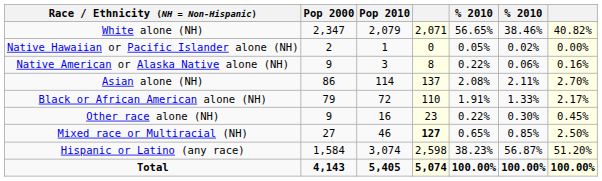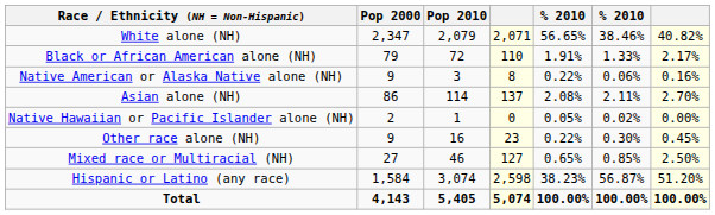 <table class="wikitable" style="text-align:center;">
 <tr>
 <th>Race / Ethnicity <small>(<em>NH = Non-Hispanic</em>)</small></th>
 <th>Pop 2000</th>
 <th>Pop 2010</th>
 <th></th>
 <th>% 2010</th>
 <th>% 2010</th>
 <th></th>
 </tr>
 <tr>
 <td><a href='#'>White</a> alone (NH)</td>
 <td>2,347</td>
 <td>2,079</td>
 <td style='background: #ffffe6;'>2,071</td>
 <td>56.65%</td>
 <td>38.46%</td>
 <td style='background: #ffffe6;'>40.82%</td>
 </tr>
 <tr>
-<td><a href='#'>Native Hawaiian</a> or <a href='#'>Pacific Islander</a> alone (NH)</td>
-<td>2</td>
-<td>1</td>
-<td style='background: #ffffe6;'>0</td>
-<td>0.05%</td>
-<td>0.02%</td>
-<td style='background: #ffffe6;'>0.00%</td>
+<td><a href='#'>Black or African American</a> alone (NH)</td>
+<td>79</td>
+<td>72</td>
+<td style='background: #ffffe6;'>110</td>
+<td>1.91%</td>
+<td>1.33%</td>
+<td style='background: #ffffe6;'>2.17%</td>
 </tr>
 <tr>
 <td><a href='#'>Native American</a> or <a href='#'>Alaska Native</a> alone (NH)</td>
 <td>9</td>
 <td>3</td>
 <td style='background: #ffffe6;'>8</td>
 <td>0.22%</td>
 <td>0.06%</td>
 <td style='background: #ffffe6;'>0.16%</td>
 </tr>
 <tr>
 <td><a href='#'>Asian</a> alone (NH)</td>
 <td>86</td>
 <td>114</td>
 <td style='background: #ffffe6;'>137</td>
 <td>2.08%</td>
 <td>2.11%</td>
 <td style='background: #ffffe6;'>2.70%</td>
 </tr>
 <tr>
-<td><a href='#'>Black or African American</a> alone (NH)</td>
-<td>79</td>
-<td>72</td>
-<td style='background: #ffffe6;'>110</td>
-<td>1.91%</td>
-<td>1.33%</td>
-<td style='background: #ffffe6;'>2.17%</td>
+<td><a href='#'>Native Hawaiian</a> or <a href='#'>Pacific Islander</a> alone (NH)</td>
+<td>2</td>
+<td>1</td>
+<td style='background: #ffffe6;'>0</td>
+<td>0.05%</td>
+<td>0.02%</td>
+<td style='background: #ffffe6;'>0.00%</td>
 </tr>
 <tr>
 <td><a href='#'>Other race</a> alone (NH)</td>
 <td>9</td>
 <td>16</td>
 <td style='background: #ffffe6;'>23</td>
 <td>0.22%</td>
 <td>0.30%</td>
 <td style='background: #ffffe6;'>0.45%</td>
 </tr>
 <tr>
 <td><a href='#'>Mixed race or Multiracial</a> (NH)</td>
 <td>27</td>
 <td>46</td>
-<td style='background: #ffffe6;'><strong>127</strong></td>
+<td style='background: #ffffe6;'>127</td>
 <td>0.65%</td>
 <td>0.85%</td>
 <td style='background: #ffffe6;'>2.50%</td>
 </tr>
 <tr>
 <td><a href='#'>Hispanic or Latino</a> (any race)</td>
 <td>1,584</td>
 <td>3,074</td>
 <td style='background: #ffffe6;'>2,598</td>
 <td>38.23%</td>
 <td>56.87%</td>
 <td style='background: #ffffe6;'>51.20%</td>
 </tr>
 <tr>
 <td><strong>Total</strong></td>
 <td><strong>4,143</strong></td>
 <td><strong>5,405</strong></td>
 <td style='background: #ffffe6;'><strong>5,074</strong></td>
 <td><strong>100.00%</strong></td>
 <td><strong>100.00%</strong></td>
 <td style='background: #ffffe6;'><strong>100.00%</strong></td>
 </tr>
 </table>
